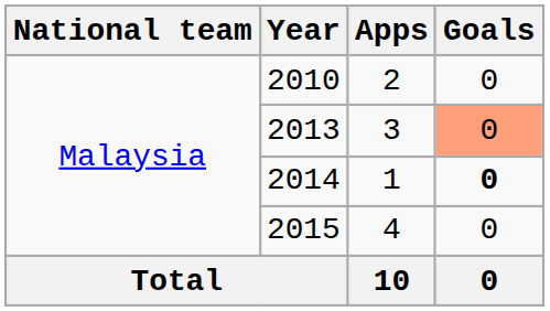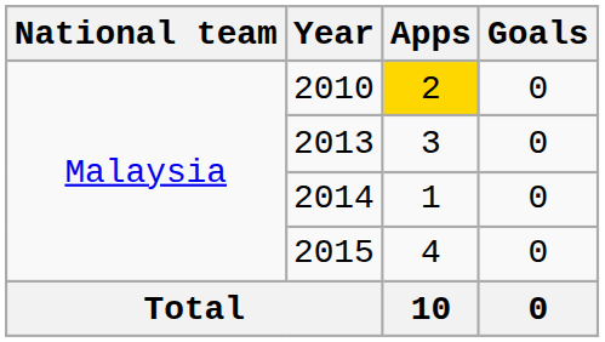 <table class=wikitable style="text-align: center;">
 <tr>
 <th>National team</th>
 <th>Year</th>
 <th>Apps</th>
 <th>Goals</th>
 </tr>
 <tr>
 <td rowspan=4><a href='#'>Malaysia</a></td>
 <td>2010</td>
-<td>2</td>
+<td style="background: gold;">2</td>
 <td>0</td>
 </tr>
 <tr>
 <td>2013</td>
 <td>3</td>
-<td style="background: lightsalmon;">0</td>
+<td>0</td>
 </tr>
 <tr>
 <td>2014</td>
 <td>1</td>
-<td><strong>0</strong></td>
+<td>0</td>
 </tr>
 <tr>
 <td>2015</td>
 <td>4</td>
 <td>0</td>
 </tr>
 <tr>
 <th colspan=2>Total</th>
 <th>10</th>
 <th>0</th>
 </tr>
 </table>
